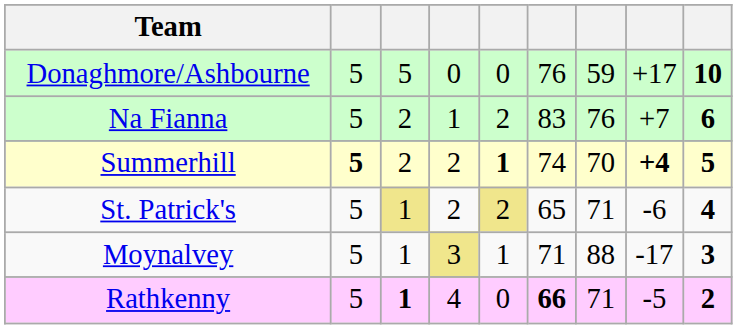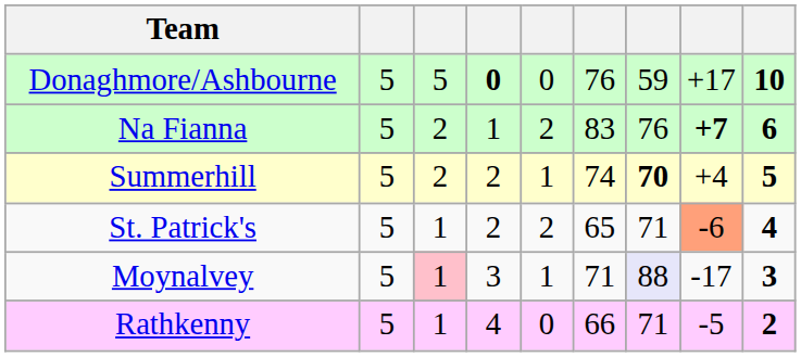 <table class="wikitable" style="text-align:center">
 <tr>
 <th style="width:175px;">Team</th>
 <th width="20"></th>
 <th width="20"></th>
 <th width="20"></th>
 <th width="20"></th>
 <th width="20"></th>
 <th width="20"></th>
 <th width="20"></th>
 <th width="20"></th>
 </tr>
 <tr style="background:#cfc;">
 <td><a href='#'>Donaghmore/Ashbourne</a></td>
 <td>5</td>
 <td>5</td>
-<td>0</td>
+<td><strong>0</strong></td>
 <td>0</td>
 <td>76</td>
 <td>59</td>
 <td>+17</td>
 <td><strong>10</strong></td>
 </tr>
 <tr style="background:#cfc;">
 <td><a href='#'>Na Fianna</a></td>
 <td>5</td>
 <td>2</td>
 <td>1</td>
 <td>2</td>
 <td>83</td>
 <td>76</td>
-<td>+7</td>
+<td><strong>+7</strong></td>
 <td><strong>6</strong></td>
 </tr>
 <tr style="background:#ffffcc;">
 <td><a href='#'>Summerhill</a></td>
-<td><strong>5</strong></td>
+<td>5</td>
 <td>2</td>
 <td>2</td>
-<td><strong>1</strong></td>
+<td>1</td>
 <td>74</td>
-<td>70</td>
-<td><strong>+4</strong></td>
+<td><strong>70</strong></td>
+<td>+4</td>
 <td><strong>5</strong></td>
 </tr>
 <tr>
 <td><a href='#'>St. Patrick's</a></td>
 <td>5</td>
-<td style="background: khaki;">1</td>
+<td>1</td>
 <td>2</td>
-<td style="background: khaki;">2</td>
+<td>2</td>
 <td>65</td>
 <td>71</td>
-<td>-6</td>
+<td style="background: lightsalmon;">-6</td>
 <td><strong>4</strong></td>
 </tr>
 <tr>
 <td><a href='#'>Moynalvey</a></td>
 <td>5</td>
-<td>1</td>
-<td style="background: khaki;">3</td>
+<td style="background: pink;">1</td>
+<td>3</td>
 <td>1</td>
 <td>71</td>
-<td>88</td>
+<td style="background: lavender;">88</td>
 <td>-17</td>
 <td><strong>3</strong></td>
 </tr>
 <tr style="background:#fcf;">
 <td><a href='#'>Rathkenny</a></td>
 <td>5</td>
-<td><strong>1</strong></td>
+<td>1</td>
 <td>4</td>
 <td>0</td>
-<td><strong>66</strong></td>
+<td>66</td>
 <td>71</td>
 <td>-5</td>
 <td><strong>2</strong></td>
 </tr>
 </table>
